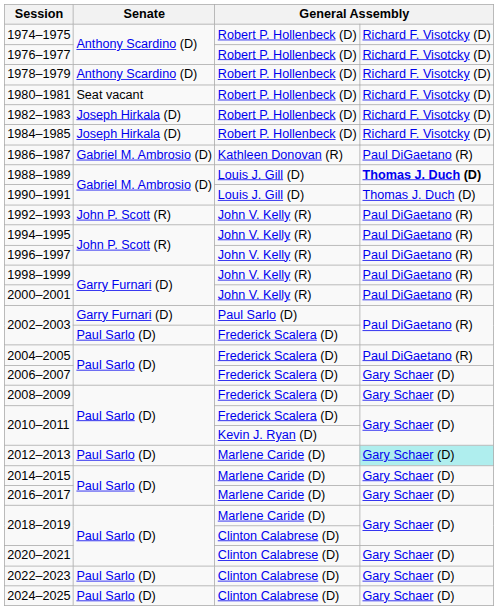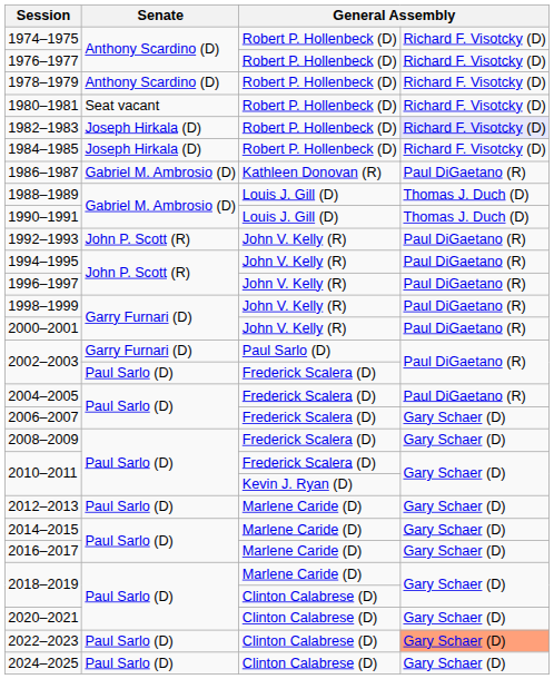 <table class="wikitable">
 <tr>
 <th>Session</th>
 <th>Senate</th>
 <th colspan=2>General Assembly</th>
 </tr>
 <tr>
 <td>1974–1975</td>
 <td rowspan=2 ><a href='#'>Anthony Scardino</a> (D)</td>
 <td><a href='#'>Robert P. Hollenbeck</a> (D)</td>
 <td><a href='#'>Richard F. Visotcky</a> (D)</td>
 </tr>
 <tr>
 <td>1976–1977</td>
 <td><a href='#'>Robert P. Hollenbeck</a> (D)</td>
 <td><a href='#'>Richard F. Visotcky</a> (D)</td>
 </tr>
 <tr>
 <td>1978–1979</td>
 <td rowspan=2 ><a href='#'>Anthony Scardino</a> (D)<small> </small><br></td>
 <td><a href='#'>Robert P. Hollenbeck</a> (D)</td>
 <td><a href='#'>Richard F. Visotcky</a> (D)</td>
 </tr>
 <tr>
 <td rowspan=2>1980–1981</td>
 <td rowspan=2 ><a href='#'>Robert P. Hollenbeck</a> (D)</td>
 <td rowspan=2 ><a href='#'>Richard F. Visotcky</a> (D)</td>
 </tr>
 <tr>
 <td>Seat vacant</td>
 </tr>
 <tr>
 <td>1982–1983</td>
 <td><a href='#'>Joseph Hirkala</a> (D)</td>
 <td><a href='#'>Robert P. Hollenbeck</a> (D)</td>
-<td><a href='#'>Richard F. Visotcky</a> (D)</td>
+<td style="background: lavender;"><a href='#'>Richard F. Visotcky</a> (D)</td>
 </tr>
 <tr>
 <td>1984–1985</td>
 <td rowspan=2 ><a href='#'>Joseph Hirkala</a> (D)<small> </small><br></td>
 <td><a href='#'>Robert P. Hollenbeck</a> (D)</td>
 <td><a href='#'>Richard F. Visotcky</a> (D)</td>
 </tr>
 <tr>
 <td rowspan=2>1986–1987</td>
 <td rowspan=2 ><a href='#'>Kathleen Donovan</a> (R)</td>
 <td rowspan=2 ><a href='#'>Paul DiGaetano</a> (R)</td>
 </tr>
 <tr>
 <td><a href='#'>Gabriel M. Ambrosio</a> (D)</td>
 </tr>
 <tr>
 <td>1988–1989</td>
 <td rowspan=2 ><a href='#'>Gabriel M. Ambrosio</a> (D)</td>
 <td><a href='#'>Louis J. Gill</a> (D)</td>
-<td><strong><a href='#'>Thomas J. Duch</a> (D)</strong></td>
+<td><a href='#'>Thomas J. Duch</a> (D)</td>
 </tr>
 <tr>
 <td>1990–1991</td>
 <td><a href='#'>Louis J. Gill</a> (D)</td>
 <td><a href='#'>Thomas J. Duch</a> (D)</td>
 </tr>
 <tr>
 <td>1992–1993</td>
 <td><a href='#'>John P. Scott</a> (R)</td>
 <td><a href='#'>John V. Kelly</a> (R)</td>
 <td><a href='#'>Paul DiGaetano</a> (R)</td>
 </tr>
 <tr>
 <td>1994–1995</td>
 <td rowspan=2 ><a href='#'>John P. Scott</a> (R)</td>
 <td><a href='#'>John V. Kelly</a> (R)</td>
 <td><a href='#'>Paul DiGaetano</a> (R)</td>
 </tr>
 <tr>
 <td>1996–1997</td>
 <td><a href='#'>John V. Kelly</a> (R)</td>
 <td><a href='#'>Paul DiGaetano</a> (R)</td>
 </tr>
 <tr>
 <td>1998–1999</td>
 <td rowspan=2 ><a href='#'>Garry Furnari</a> (D)</td>
 <td><a href='#'>John V. Kelly</a> (R)</td>
 <td><a href='#'>Paul DiGaetano</a> (R)</td>
 </tr>
 <tr>
 <td>2000–2001</td>
 <td><a href='#'>John V. Kelly</a> (R)</td>
 <td><a href='#'>Paul DiGaetano</a> (R)</td>
 </tr>
 <tr>
 <td rowspan=2>2002–2003</td>
 <td><a href='#'>Garry Furnari</a> (D)</td>
 <td><a href='#'>Paul Sarlo</a> (D)</td>
 <td rowspan=2 ><a href='#'>Paul DiGaetano</a> (R)</td>
 </tr>
 <tr>
 <td><a href='#'>Paul Sarlo</a> (D)</td>
 <td><a href='#'>Frederick Scalera</a> (D)</td>
 </tr>
 <tr>
 <td>2004–2005</td>
 <td rowspan=2 ><a href='#'>Paul Sarlo</a> (D)</td>
 <td><a href='#'>Frederick Scalera</a> (D)</td>
 <td><a href='#'>Paul DiGaetano</a> (R)</td>
 </tr>
 <tr>
 <td>2006–2007</td>
 <td><a href='#'>Frederick Scalera</a> (D)</td>
 <td><a href='#'>Gary Schaer</a> (D)</td>
 </tr>
 <tr>
 <td>2008–2009</td>
 <td rowspan=3 ><a href='#'>Paul Sarlo</a> (D)</td>
 <td><a href='#'>Frederick Scalera</a> (D)</td>
 <td><a href='#'>Gary Schaer</a> (D)</td>
 </tr>
 <tr>
 <td rowspan=2>2010–2011</td>
 <td><a href='#'>Frederick Scalera</a> (D)</td>
 <td rowspan=2 ><a href='#'>Gary Schaer</a> (D)</td>
 </tr>
 <tr>
 <td><a href='#'>Kevin J. Ryan</a> (D)</td>
 </tr>
 <tr>
 <td>2012–2013</td>
 <td><a href='#'>Paul Sarlo</a> (D)</td>
 <td><a href='#'>Marlene Caride</a> (D)</td>
-<td style="background: paleturquoise;"><a href='#'>Gary Schaer</a> (D)</td>
+<td><a href='#'>Gary Schaer</a> (D)</td>
 </tr>
 <tr>
 <td>2014–2015</td>
 <td rowspan=2 ><a href='#'>Paul Sarlo</a> (D)</td>
 <td><a href='#'>Marlene Caride</a> (D)</td>
 <td><a href='#'>Gary Schaer</a> (D)</td>
 </tr>
 <tr>
 <td>2016–2017</td>
 <td><a href='#'>Marlene Caride</a> (D)</td>
 <td><a href='#'>Gary Schaer</a> (D)</td>
 </tr>
 <tr>
 <td rowspan=2>2018–2019</td>
 <td rowspan=3 ><a href='#'>Paul Sarlo</a> (D)</td>
 <td><a href='#'>Marlene Caride</a> (D)</td>
 <td rowspan=2 ><a href='#'>Gary Schaer</a> (D)</td>
 </tr>
 <tr>
 <td><a href='#'>Clinton Calabrese</a> (D)</td>
 </tr>
 <tr>
 <td>2020–2021</td>
 <td><a href='#'>Clinton Calabrese</a> (D)</td>
 <td><a href='#'>Gary Schaer</a> (D)</td>
 </tr>
 <tr>
 <td>2022–2023</td>
 <td><a href='#'>Paul Sarlo</a> (D)</td>
 <td><a href='#'>Clinton Calabrese</a> (D)</td>
-<td><a href='#'>Gary Schaer</a> (D)</td>
+<td style="background: lightsalmon;"><a href='#'>Gary Schaer</a> (D)</td>
 </tr>
 <tr>
 <td>2024–2025</td>
 <td><a href='#'>Paul Sarlo</a> (D)</td>
 <td><a href='#'>Clinton Calabrese</a> (D)</td>
 <td><a href='#'>Gary Schaer</a> (D)</td>
 </tr>
 </table>
